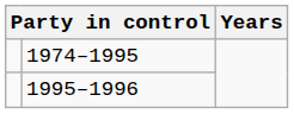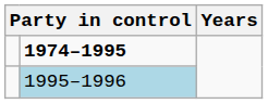 <table class="wikitable">
 <tr>
 <th colspan="2">Party in control</th>
 <th>Years</th>
 </tr>
 <tr>
 <td></td>
-<td>1974–1995</td>
+<td><strong>1974–1995</strong></td>
 </tr>
 <tr>
 <td></td>
-<td>1995–1996</td>
+<td style="background: lightblue;">1995–1996</td>
 </tr>
 </table>
